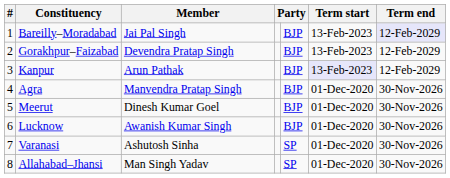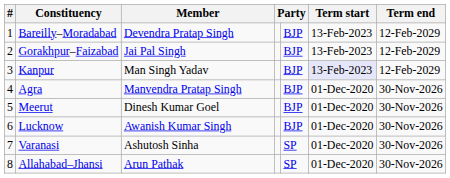 <table class="wikitable sortable">
 <tr>
 <th>#</th>
 <th>Constituency</th>
 <th style="width:200px">Member</th>
 <th colspan="2">Party</th>
 <th>Term start</th>
 <th>Term end</th>
 </tr>
 <tr>
 <td>1</td>
 <td><a href='#'>Bareilly</a>–<a href='#'>Moradabad</a></td>
-<td><a href='#'>Jai Pal Singh</a></td>
+<td><a href='#'>Devendra Pratap Singh</a></td>
 <td></td>
 <td><a href='#'>BJP</a></td>
 <td>13-Feb-2023</td>
-<td style="background: lavender;">12-Feb-2029</td>
+<td>12-Feb-2029</td>
 </tr>
 <tr>
 <td>2</td>
 <td><a href='#'>Gorakhpur</a>–<a href='#'>Faizabad</a></td>
-<td><a href='#'>Devendra Pratap Singh</a></td>
+<td><a href='#'>Jai Pal Singh</a></td>
 <td></td>
 <td><a href='#'>BJP</a></td>
 <td>13-Feb-2023</td>
 <td>12-Feb-2029</td>
 </tr>
 <tr>
 <td>3</td>
 <td><a href='#'>Kanpur</a></td>
-<td><a href='#'>Arun Pathak</a></td>
+<td>Man Singh Yadav</td>
 <td></td>
 <td><a href='#'>BJP</a></td>
 <td style="background: lavender;">13-Feb-2023</td>
 <td>12-Feb-2029</td>
 </tr>
 <tr>
 <td>4</td>
 <td><a href='#'>Agra</a></td>
 <td><a href='#'>Manvendra Pratap Singh</a></td>
 <td></td>
 <td><a href='#'>BJP</a></td>
 <td>01-Dec-2020</td>
 <td>30-Nov-2026</td>
 </tr>
 <tr>
 <td>5</td>
 <td><a href='#'>Meerut</a></td>
 <td>Dinesh Kumar Goel</td>
 <td></td>
 <td><a href='#'>BJP</a></td>
 <td>01-Dec-2020</td>
 <td>30-Nov-2026</td>
 </tr>
 <tr>
 <td>6</td>
 <td><a href='#'>Lucknow</a></td>
 <td><a href='#'>Awanish Kumar Singh</a></td>
 <td></td>
 <td><a href='#'>BJP</a></td>
 <td>01-Dec-2020</td>
 <td>30-Nov-2026</td>
 </tr>
 <tr>
 <td>7</td>
 <td><a href='#'>Varanasi</a></td>
 <td>Ashutosh Sinha</td>
 <td></td>
 <td><a href='#'>SP</a></td>
 <td>01-Dec-2020</td>
 <td>30-Nov-2026</td>
 </tr>
 <tr>
 <td>8</td>
 <td><a href='#'>Allahabad–Jhansi</a></td>
-<td>Man Singh Yadav</td>
+<td><a href='#'>Arun Pathak</a></td>
 <td></td>
 <td><a href='#'>SP</a></td>
 <td>01-Dec-2020</td>
 <td>30-Nov-2026</td>
 </tr>
 </table>
